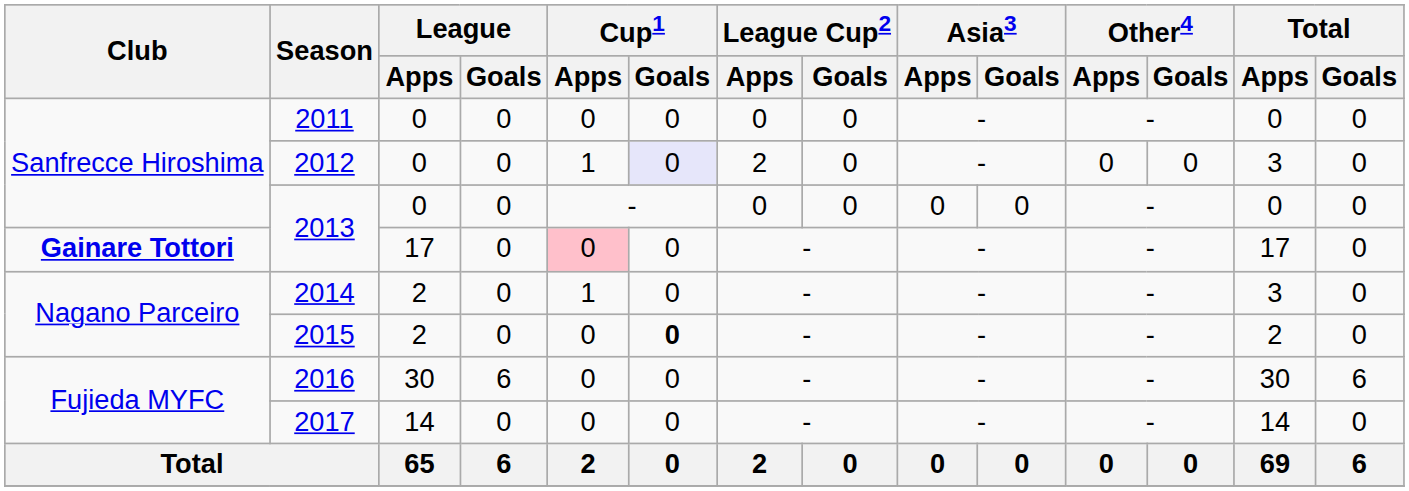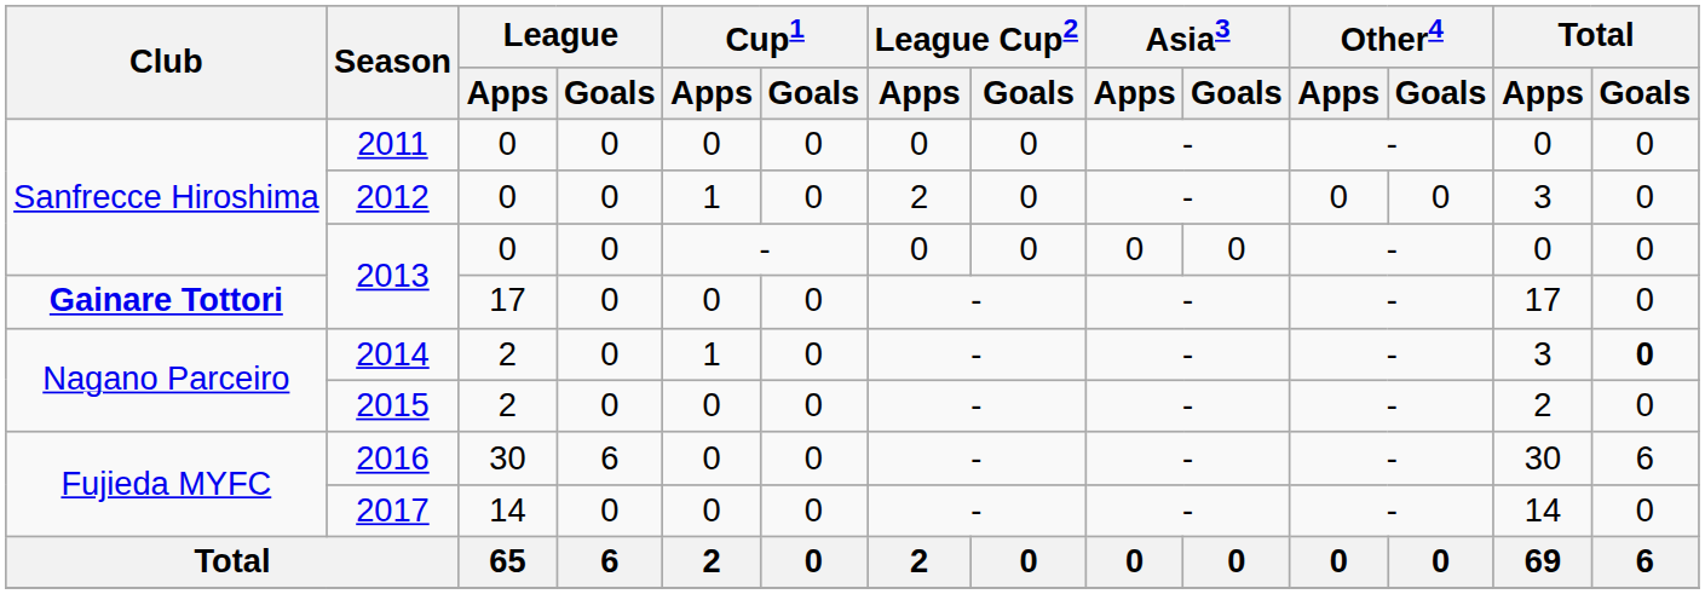 <table class="wikitable" style="text-align:center;">
 <tr>
 <th rowspan="2">Club</th>
 <th rowspan="2">Season</th>
 <th colspan="2">League</th>
 <th colspan="2">Cup<sup><a href='#'>1</a></sup></th>
 <th colspan="2">League Cup<sup><a href='#'>2</a></sup></th>
 <th colspan="2">Asia<sup><a href='#'>3</a></sup></th>
 <th colspan="2">Other<sup><a href='#'>4</a></sup></th>
 <th colspan="2">Total</th>
 </tr>
 <tr>
 <th>Apps</th>
 <th>Goals</th>
 <th>Apps</th>
 <th>Goals</th>
 <th>Apps</th>
 <th>Goals</th>
 <th>Apps</th>
 <th>Goals</th>
 <th>Apps</th>
 <th>Goals</th>
 <th>Apps</th>
 <th>Goals</th>
 </tr>
 <tr>
 <td rowspan="3"><a href='#'>Sanfrecce Hiroshima</a></td>
 <td><a href='#'>2011</a></td>
 <td>0</td>
 <td>0</td>
 <td>0</td>
 <td>0</td>
 <td>0</td>
 <td>0</td>
 <td colspan="2">-</td>
 <td colspan="2">-</td>
 <td>0</td>
 <td>0</td>
 </tr>
 <tr>
 <td><a href='#'>2012</a></td>
 <td>0</td>
 <td>0</td>
 <td>1</td>
-<td style="background: lavender;">0</td>
+<td>0</td>
 <td>2</td>
 <td>0</td>
 <td colspan="2">-</td>
 <td>0</td>
 <td>0</td>
 <td>3</td>
 <td>0</td>
 </tr>
 <tr>
 <td rowspan="2"><a href='#'>2013</a></td>
 <td>0</td>
 <td>0</td>
 <td colspan="2">-</td>
 <td>0</td>
 <td>0</td>
 <td>0</td>
 <td>0</td>
 <td colspan="2">-</td>
 <td>0</td>
 <td>0</td>
 </tr>
 <tr>
 <td><strong><a href='#'>Gainare Tottori</a></strong></td>
 <td>17</td>
 <td>0</td>
-<td style="background: pink;">0</td>
+<td>0</td>
 <td>0</td>
 <td colspan="2">-</td>
 <td colspan="2">-</td>
 <td colspan="2">-</td>
 <td>17</td>
 <td>0</td>
 </tr>
 <tr>
 <td rowspan="2"><a href='#'>Nagano Parceiro</a></td>
 <td><a href='#'>2014</a></td>
 <td>2</td>
 <td>0</td>
 <td>1</td>
 <td>0</td>
 <td colspan="2">-</td>
 <td colspan="2">-</td>
 <td colspan="2">-</td>
 <td>3</td>
-<td>0</td>
+<td><strong>0</strong></td>
 </tr>
 <tr>
 <td><a href='#'>2015</a></td>
 <td>2</td>
 <td>0</td>
 <td>0</td>
-<td><strong>0</strong></td>
+<td>0</td>
 <td colspan="2">-</td>
 <td colspan="2">-</td>
 <td colspan="2">-</td>
 <td>2</td>
 <td>0</td>
 </tr>
 <tr>
 <td rowspan="2"><a href='#'>Fujieda MYFC</a></td>
 <td><a href='#'>2016</a></td>
 <td>30</td>
 <td>6</td>
 <td>0</td>
 <td>0</td>
 <td colspan="2">-</td>
 <td colspan="2">-</td>
 <td colspan="2">-</td>
 <td>30</td>
 <td>6</td>
 </tr>
 <tr>
 <td><a href='#'>2017</a></td>
 <td>14</td>
 <td>0</td>
 <td>0</td>
 <td>0</td>
 <td colspan="2">-</td>
 <td colspan="2">-</td>
 <td colspan="2">-</td>
 <td>14</td>
 <td>0</td>
 </tr>
 <tr>
 <th colspan="2">Total</th>
 <th>65</th>
 <th>6</th>
 <th>2</th>
 <th>0</th>
 <th>2</th>
 <th>0</th>
 <th>0</th>
 <th>0</th>
 <th>0</th>
 <th>0</th>
 <th>69</th>
 <th>6</th>
 </tr>
 <tr>
 </tr>
 </table>
